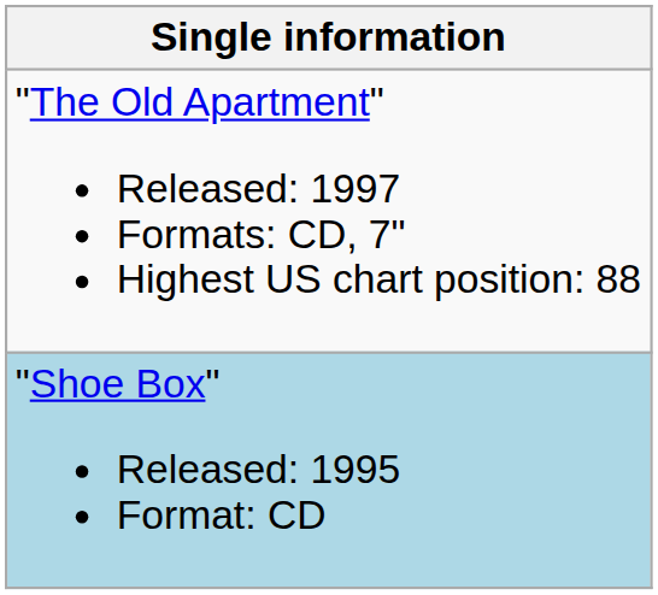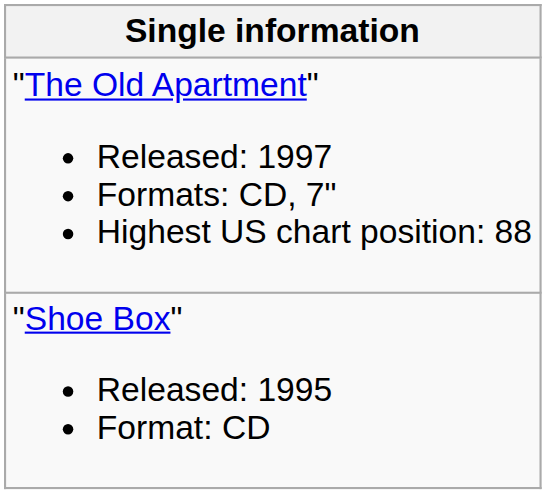 <table class="wikitable">
 <tr>
 <th>Single information</th>
 </tr>
 <tr>
 <td align="left">"<a href='#'>The Old Apartment</a>"<br><ul><li>Released: 1997</li><li>Formats: CD, 7"</li><li>Highest US chart position: 88</li></ul></td>
 </tr>
 <tr>
-<td align="left" style="background: lightblue;">"<a href='#'>Shoe Box</a>"<br><ul><li>Released: 1995</li><li>Format: CD</li></ul></td>
+<td align="left">"<a href='#'>Shoe Box</a>"<br><ul><li>Released: 1995</li><li>Format: CD</li></ul></td>
 </tr>
 </table>
